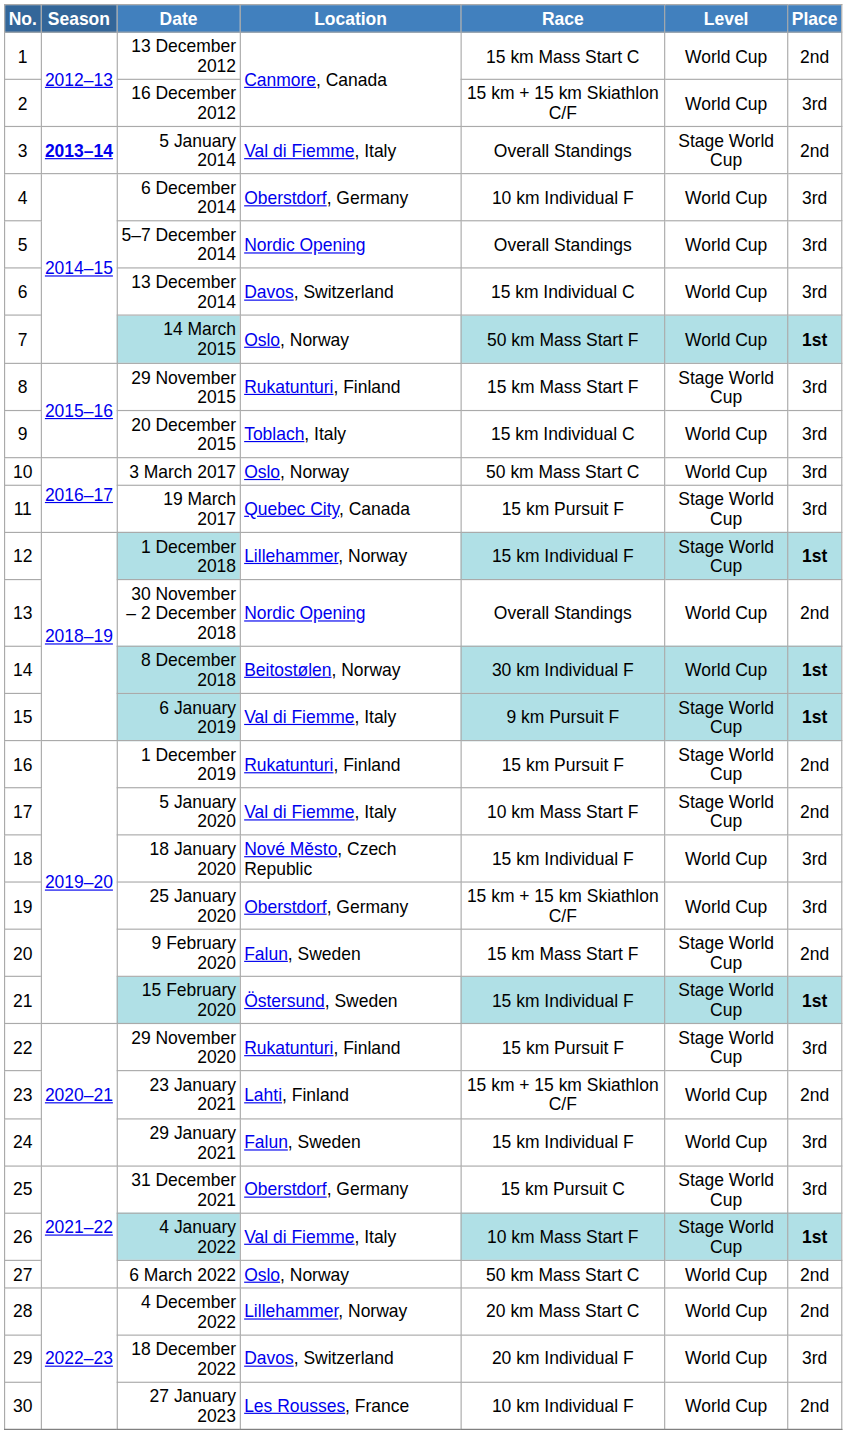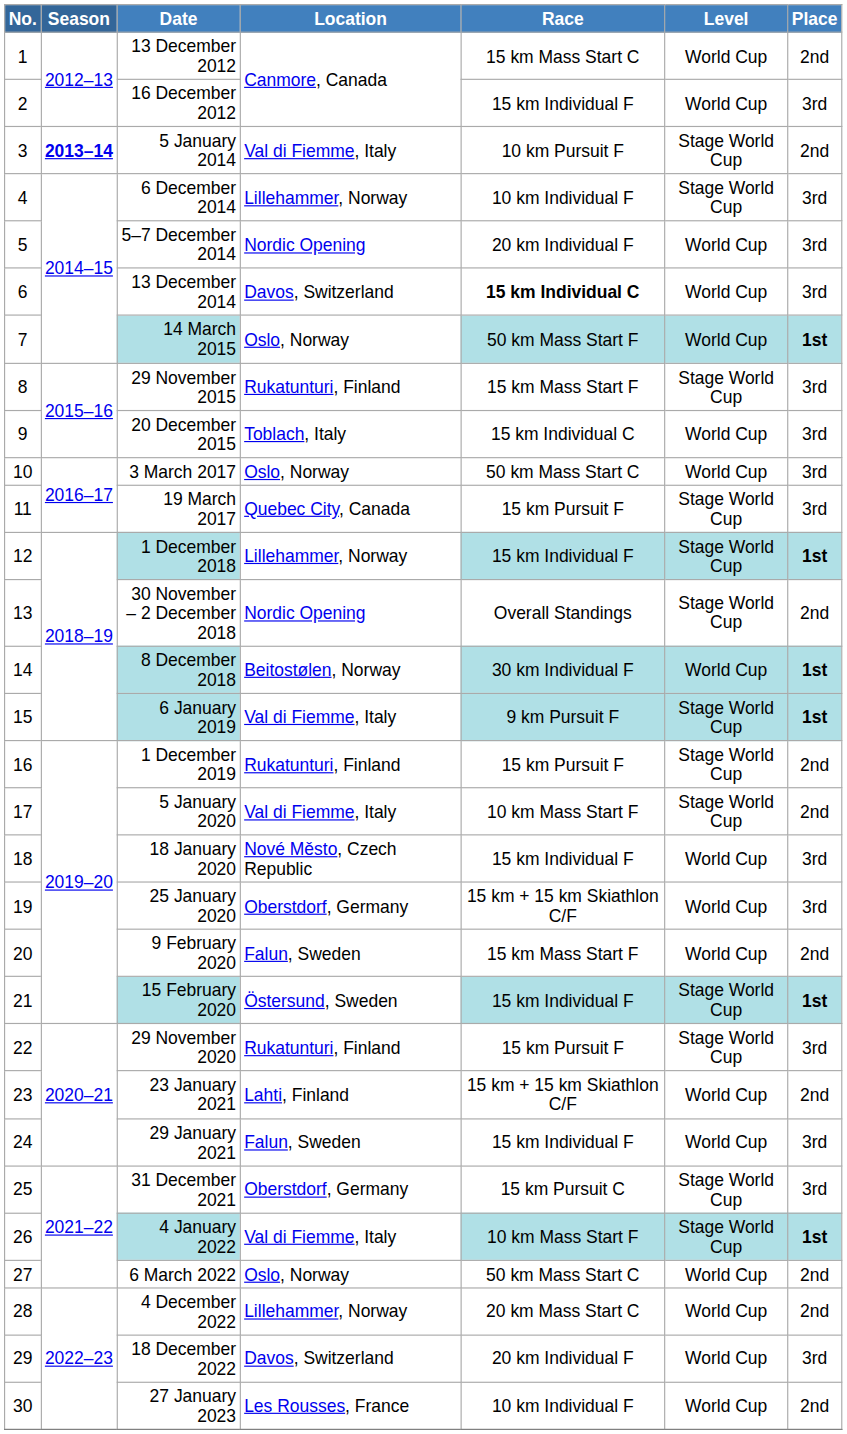 <table class="wikitable sortable" style="font-size:95%; text-align:center; border:grey solid 1px; border-collapse:collapse; background:#ffffff;">
 <tr style="background:#efefef;">
 <th style="background-color:#369; color:white;">No.</th>
 <th style="background-color:#369; color:white;">Season</th>
 <th style="background-color:#4180be; color:white; width:100px;">Date</th>
 <th style="background-color:#4180be; color:white; width:185px;">Location</th>
 <th style="background-color:#4180be; color:white; width:170px;">Race</th>
 <th style="background-color:#4180be; color:white; width:100px;">Level</th>
 <th style="background-color:#4180be; color:white;">Place</th>
 </tr>
 <tr>
 <td align=center>1</td>
 <td rowspan=2 align=center><a href='#'>2012–13</a></td>
 <td align=right>13 December 2012</td>
 <td rowspan=2 align=left> <a href='#'>Canmore</a>, Canada</td>
 <td>15 km Mass Start C</td>
 <td>World Cup</td>
 <td>2nd</td>
 </tr>
 <tr>
 <td align=center>2</td>
 <td align=right>16 December 2012</td>
-<td>15 km + 15 km Skiathlon C/F</td>
+<td>15 km Individual F</td>
 <td>World Cup</td>
 <td>3rd</td>
 </tr>
 <tr>
 <td align=center>3</td>
 <td rowspan=1 align=center><strong><a href='#'>2013–14</a></strong></td>
 <td align=right>5 January 2014</td>
 <td align=left> <a href='#'>Val di Fiemme</a>, Italy</td>
-<td>Overall Standings</td>
+<td>10 km Pursuit F</td>
 <td>Stage World Cup</td>
 <td>2nd</td>
 </tr>
 <tr>
 <td align=center>4</td>
 <td rowspan=4 align=center><a href='#'>2014–15</a></td>
 <td align=right>6 December 2014</td>
-<td align=left> <a href='#'>Oberstdorf</a>, Germany</td>
+<td align=left> <a href='#'>Lillehammer</a>, Norway</td>
 <td>10 km Individual F</td>
-<td>World Cup</td>
+<td>Stage World Cup</td>
 <td>3rd</td>
 </tr>
 <tr>
 <td align=center>5</td>
 <td align=right>5–7 December 2014</td>
 <td align=left> <a href='#'>Nordic Opening</a></td>
-<td>Overall Standings</td>
+<td>20 km Individual F</td>
 <td>World Cup</td>
 <td>3rd</td>
 </tr>
 <tr>
 <td align=center>6</td>
 <td align=right>13 December 2014</td>
 <td align=left> <a href='#'>Davos</a>, Switzerland</td>
-<td>15 km Individual C</td>
+<td><strong>15 km Individual C</strong></td>
 <td>World Cup</td>
 <td>3rd</td>
 </tr>
 <tr>
 <td align=center>7</td>
 <td bgcolor="#BOEOE6" align=right>14 March 2015</td>
 <td align=left> <a href='#'>Oslo</a>, Norway</td>
 <td bgcolor="#BOEOE6">50 km Mass Start F</td>
 <td bgcolor="#BOEOE6">World Cup</td>
 <td bgcolor="#BOEOE6"><strong>1st</strong></td>
 </tr>
 <tr>
 <td align=center>8</td>
 <td rowspan=2 align=center><a href='#'>2015–16</a></td>
 <td align=right>29 November 2015</td>
 <td align=left> <a href='#'>Rukatunturi</a>, Finland</td>
 <td>15 km Mass Start F</td>
 <td>Stage World Cup</td>
 <td>3rd</td>
 </tr>
 <tr>
 <td align=center>9</td>
 <td align=right>20 December 2015</td>
 <td align=left> <a href='#'>Toblach</a>, Italy</td>
 <td>15 km Individual C</td>
 <td>World Cup</td>
 <td>3rd</td>
 </tr>
 <tr>
 <td align=center>10</td>
 <td rowspan=2 align=center><a href='#'>2016–17</a></td>
 <td align=right>3 March 2017</td>
 <td align=left> <a href='#'>Oslo</a>, Norway</td>
 <td>50 km Mass Start C</td>
 <td>World Cup</td>
 <td>3rd</td>
 </tr>
 <tr>
 <td align=center>11</td>
 <td align=right>19 March 2017</td>
 <td align=left> <a href='#'>Quebec City</a>, Canada</td>
 <td>15 km Pursuit F</td>
 <td>Stage World Cup</td>
 <td>3rd</td>
 </tr>
 <tr>
 <td align=center>12</td>
 <td rowspan=4 align=center><a href='#'>2018–19</a></td>
 <td bgcolor="#BOEOE6" align=right>1 December 2018</td>
 <td align=left> <a href='#'>Lillehammer</a>, Norway</td>
 <td bgcolor="#BOEOE6">15 km Individual F</td>
 <td bgcolor="#BOEOE6">Stage World Cup</td>
 <td bgcolor="#BOEOE6"><strong>1st</strong></td>
 </tr>
 <tr>
 <td align=center>13</td>
 <td align=right>30 November<br> – 2 December 2018</td>
 <td align=left> <a href='#'>Nordic Opening</a></td>
 <td>Overall Standings</td>
-<td>World Cup</td>
+<td>Stage World Cup</td>
 <td>2nd</td>
 </tr>
 <tr>
 <td align=center>14</td>
 <td bgcolor="#BOEOE6" align=right>8 December 2018</td>
 <td align=left> <a href='#'>Beitostølen</a>, Norway</td>
 <td bgcolor="#BOEOE6">30 km Individual F</td>
 <td bgcolor="#BOEOE6">World Cup</td>
 <td bgcolor="#BOEOE6"><strong>1st</strong></td>
 </tr>
 <tr>
 <td align=center>15</td>
 <td bgcolor="#BOEOE6" align=right>6 January 2019</td>
 <td align=left> <a href='#'>Val di Fiemme</a>, Italy</td>
 <td bgcolor="#BOEOE6">9 km Pursuit F</td>
 <td bgcolor="#BOEOE6">Stage World Cup</td>
 <td bgcolor="#BOEOE6"><strong>1st</strong></td>
 </tr>
 <tr>
 <td align=center>16</td>
 <td rowspan=6 align=center><a href='#'>2019–20</a></td>
 <td align=right>1 December 2019</td>
 <td align=left> <a href='#'>Rukatunturi</a>, Finland</td>
 <td>15 km Pursuit F</td>
 <td>Stage World Cup</td>
 <td>2nd</td>
 </tr>
 <tr>
 <td align=center>17</td>
 <td align=right>5 January 2020</td>
 <td align=left> <a href='#'>Val di Fiemme</a>, Italy</td>
 <td>10 km Mass Start F</td>
 <td>Stage World Cup</td>
 <td>2nd</td>
 </tr>
 <tr>
 <td align=center>18</td>
 <td align=right>18 January 2020</td>
 <td align=left> <a href='#'>Nové Město</a>, Czech Republic</td>
 <td>15 km Individual F</td>
 <td>World Cup</td>
 <td>3rd</td>
 </tr>
 <tr>
 <td align=center>19</td>
 <td align=right>25 January 2020</td>
 <td align=left> <a href='#'>Oberstdorf</a>, Germany</td>
 <td>15 km + 15 km Skiathlon C/F</td>
 <td>World Cup</td>
 <td>3rd</td>
 </tr>
 <tr>
 <td align=center>20</td>
 <td align=right>9 February 2020</td>
 <td align=left> <a href='#'>Falun</a>, Sweden</td>
 <td>15 km Mass Start F</td>
-<td>Stage World Cup</td>
+<td>World Cup</td>
 <td>2nd</td>
 </tr>
 <tr>
 <td align=center>21</td>
 <td bgcolor="#BOEOE6" align=right>15 February 2020</td>
 <td align=left> <a href='#'>Östersund</a>, Sweden</td>
 <td bgcolor="#BOEOE6">15 km Individual F</td>
 <td bgcolor="#BOEOE6">Stage World Cup</td>
 <td bgcolor="#BOEOE6"><strong>1st</strong></td>
 </tr>
 <tr>
 <td align=center>22</td>
 <td rowspan=3 align=center><a href='#'>2020–21</a></td>
 <td align=right>29 November 2020</td>
 <td align=left> <a href='#'>Rukatunturi</a>, Finland</td>
 <td>15 km Pursuit F</td>
 <td>Stage World Cup</td>
 <td>3rd</td>
 </tr>
 <tr>
 <td align=center>23</td>
 <td align=right>23 January 2021</td>
 <td align=left> <a href='#'>Lahti</a>, Finland</td>
 <td>15 km + 15 km Skiathlon C/F</td>
 <td>World Cup</td>
 <td>2nd</td>
 </tr>
 <tr>
 <td align=center>24</td>
 <td align=right>29 January 2021</td>
 <td align=left> <a href='#'>Falun</a>, Sweden</td>
 <td>15 km Individual F</td>
 <td>World Cup</td>
 <td>3rd</td>
 </tr>
 <tr>
 <td align=center>25</td>
 <td rowspan=3 align=center><a href='#'>2021–22</a></td>
 <td align=right>31 December 2021</td>
 <td align=left> <a href='#'>Oberstdorf</a>, Germany</td>
 <td>15 km Pursuit C</td>
 <td>Stage World Cup</td>
 <td>3rd</td>
 </tr>
 <tr>
 <td align=center>26</td>
 <td bgcolor="#BOEOE6" align=right>4 January 2022</td>
 <td align=left> <a href='#'>Val di Fiemme</a>, Italy</td>
 <td bgcolor="#BOEOE6">10 km Mass Start F</td>
 <td bgcolor="#BOEOE6">Stage World Cup</td>
 <td bgcolor="#BOEOE6"><strong>1st</strong></td>
 </tr>
 <tr>
 <td align=center>27</td>
 <td align=right>6 March 2022</td>
 <td align=left> <a href='#'>Oslo</a>, Norway</td>
 <td>50 km Mass Start C</td>
 <td>World Cup</td>
 <td>2nd</td>
 </tr>
 <tr>
 <td align=center>28</td>
 <td rowspan=3 align=center><a href='#'>2022–23</a></td>
 <td align=right>4 December 2022</td>
 <td align=left> <a href='#'>Lillehammer</a>, Norway</td>
 <td>20 km Mass Start C</td>
 <td>World Cup</td>
 <td>2nd</td>
 </tr>
 <tr>
 <td align=center>29</td>
 <td align=right>18 December 2022</td>
 <td align=left> <a href='#'>Davos</a>, Switzerland</td>
 <td>20 km Individual F</td>
 <td>World Cup</td>
 <td>3rd</td>
 </tr>
 <tr>
 <td align=center>30</td>
 <td align=right>27 January 2023</td>
 <td align=left> <a href='#'>Les Rousses</a>, France</td>
 <td>10 km Individual F</td>
 <td>World Cup</td>
 <td>2nd</td>
 </tr>
 <tr>
 </tr>
 </table>
